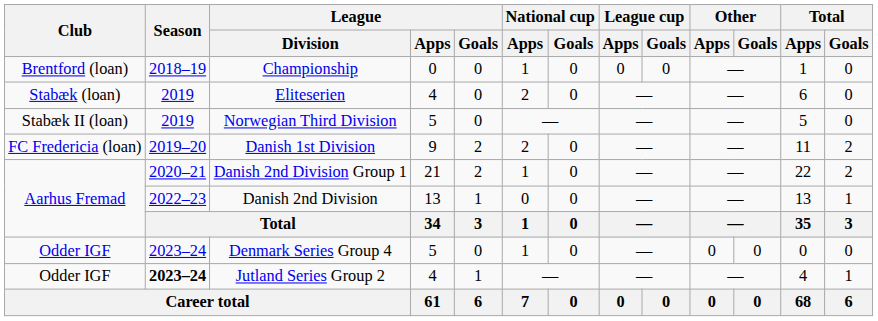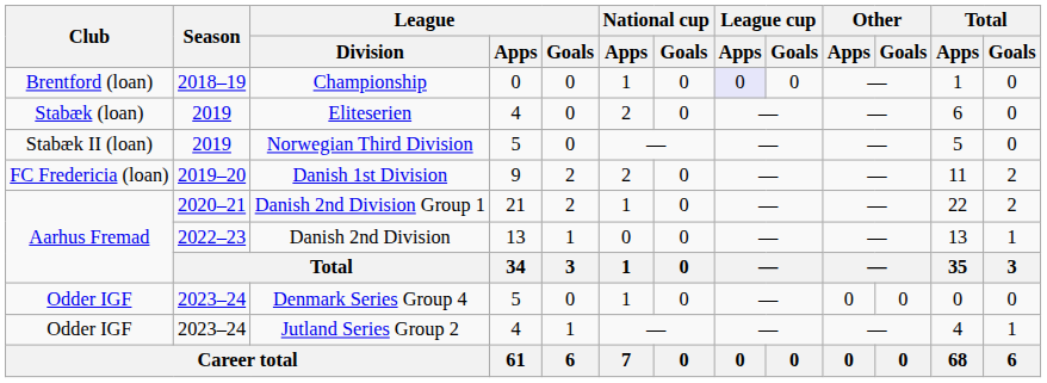 <table class="wikitable" style="text-align: center;">
 <tr>
 <th rowspan="2">Club</th>
 <th rowspan="2">Season</th>
 <th colspan="3">League</th>
 <th colspan="2">National cup</th>
 <th colspan="2">League cup</th>
 <th colspan="2">Other</th>
 <th colspan="2">Total</th>
 </tr>
 <tr>
 <th>Division</th>
 <th>Apps</th>
 <th>Goals</th>
 <th>Apps</th>
 <th>Goals</th>
 <th>Apps</th>
 <th>Goals</th>
 <th>Apps</th>
 <th>Goals</th>
 <th>Apps</th>
 <th>Goals</th>
 </tr>
 <tr>
 <td><a href='#'>Brentford</a> (loan)</td>
 <td><a href='#'>2018–19</a></td>
 <td><a href='#'>Championship</a></td>
 <td>0</td>
 <td>0</td>
 <td>1</td>
 <td>0</td>
-<td>0</td>
+<td style="background: lavender;">0</td>
 <td>0</td>
 <td colspan="2">—</td>
 <td>1</td>
 <td>0</td>
 </tr>
 <tr>
 <td><a href='#'>Stabæk</a> (loan)</td>
 <td><a href='#'>2019</a></td>
 <td><a href='#'>Eliteserien</a></td>
 <td>4</td>
 <td>0</td>
 <td>2</td>
 <td>0</td>
 <td colspan="2">—</td>
 <td colspan="2">—</td>
 <td>6</td>
 <td>0</td>
 </tr>
 <tr>
 <td>Stabæk II (loan)</td>
 <td><a href='#'>2019</a></td>
 <td><a href='#'>Norwegian Third Division</a></td>
 <td>5</td>
 <td>0</td>
 <td colspan="2">—</td>
 <td colspan="2">—</td>
 <td colspan="2">—</td>
 <td>5</td>
 <td>0</td>
 </tr>
 <tr>
 <td><a href='#'>FC Fredericia</a> (loan)</td>
 <td><a href='#'>2019–20</a></td>
 <td><a href='#'>Danish 1st Division</a></td>
 <td>9</td>
 <td>2</td>
 <td>2</td>
 <td>0</td>
 <td colspan="2">—</td>
 <td colspan="2">—</td>
 <td>11</td>
 <td>2</td>
 </tr>
 <tr>
 <td rowspan="3"><a href='#'>Aarhus Fremad</a></td>
 <td><a href='#'>2020–21</a></td>
 <td><a href='#'>Danish 2nd Division</a> Group 1</td>
 <td>21</td>
 <td>2</td>
 <td>1</td>
 <td>0</td>
 <td colspan="2">—</td>
 <td colspan="2">—</td>
 <td>22</td>
 <td>2</td>
 </tr>
 <tr>
 <td><a href='#'>2022–23</a></td>
 <td>Danish 2nd Division</td>
 <td>13</td>
 <td>1</td>
 <td>0</td>
 <td>0</td>
 <td colspan="2">—</td>
 <td colspan="2">—</td>
 <td>13</td>
 <td>1</td>
 </tr>
 <tr>
 <th colspan="2">Total</th>
 <th>34</th>
 <th>3</th>
 <th>1</th>
 <th>0</th>
 <th colspan="2">—</th>
 <th colspan="2">—</th>
 <th>35</th>
 <th>3</th>
 </tr>
 <tr>
 <td><a href='#'>Odder IGF</a></td>
 <td><a href='#'>2023–24</a></td>
 <td><a href='#'>Denmark Series</a> Group 4</td>
 <td>5</td>
 <td>0</td>
 <td>1</td>
 <td>0</td>
 <td colspan="2">—</td>
 <td>0</td>
 <td>0</td>
 <td>0</td>
 <td>0</td>
 </tr>
 <tr>
 <td>Odder IGF</td>
-<td><strong>2023–24</strong></td>
+<td>2023–24</td>
 <td><a href='#'>Jutland Series</a> Group 2</td>
 <td>4</td>
 <td>1</td>
 <td colspan="2">—</td>
 <td colspan="2">—</td>
 <td colspan="2">—</td>
 <td>4</td>
 <td>1</td>
 </tr>
 <tr>
 <th colspan="3">Career total</th>
 <th>61</th>
 <th>6</th>
 <th>7</th>
 <th>0</th>
 <th>0</th>
 <th>0</th>
 <th>0</th>
 <th>0</th>
 <th>68</th>
 <th>6</th>
 </tr>
 </table>
